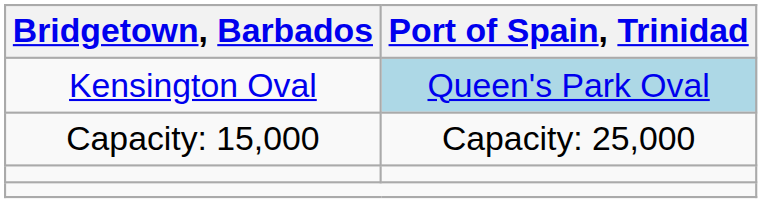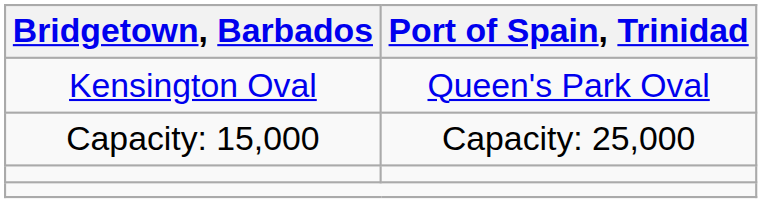 <table class="wikitable" style="text-align:center;">
 <tr>
 <th width="50%"><a href='#'>Bridgetown</a>, <a href='#'>Barbados</a></th>
 <th width="50%"><a href='#'>Port of Spain</a>, <a href='#'>Trinidad</a></th>
 </tr>
 <tr>
 <td><a href='#'>Kensington Oval</a></td>
-<td style="background: lightblue;"><a href='#'>Queen's Park Oval</a></td>
+<td><a href='#'>Queen's Park Oval</a></td>
 </tr>
 <tr>
 <td>Capacity: 15,000</td>
 <td>Capacity: 25,000</td>
 </tr>
 <tr>
 <td></td>
 <td></td>
 </tr>
 <tr>
 <td colspan=2><div></div></td>
 </tr>
 </table>
